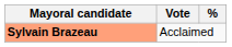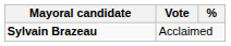 <table class="wikitable">
 <tr>
 <th bgcolor="#DDDDFF" width="200px">Mayoral candidate</th>
 <th bgcolor="#DDDDFF" width="50px">Vote</th>
 <th bgcolor="#DDDDFF" width="30px">%</th>
 </tr>
 <tr>
-<td style="background: lightsalmon;"><strong>Sylvain Brazeau</strong></td>
+<td><strong>Sylvain Brazeau</strong></td>
 <td colspan="2">Acclaimed</td>
 </tr>
 </table>
